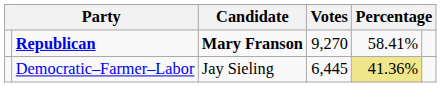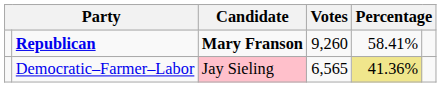 <table class="wikitable" style="text-align:right;">
 <tr style="background-color:#E9E9E9;text-align:center;">
 <th colspan=2>Party</th>
 <th>Candidate</th>
 <th>Votes</th>
 <th colspan=2>Percentage</th>
 </tr>
 <tr>
 <td style="background-color:"></td>
 <td style="text-align:left;"><strong><a href='#'>Republican</a></strong></td>
 <td style="text-align:left;"><strong>Mary Franson</strong></td>
-<td style="text-align:right;">9,270</td>
+<td style="text-align:right;">9,260</td>
 <td style="text-align:right;">58.41%</td>
 <td style="text-align:right;"><div><div> </div></div></td>
 </tr>
 <tr>
 <td style="background-color:"></td>
 <td style="text-align:left;"><a href='#'>Democratic–Farmer–Labor</a></td>
-<td style="text-align:left;">Jay Sieling</td>
-<td style="text-align:right;">6,445</td>
+<td style="background: pink; text-align:left;">Jay Sieling</td>
+<td style="text-align:right;">6,565</td>
 <td style="background: khaki; text-align:right;">41.36%</td>
 <td style="text-align:right;"><div><div> </div></div></td>
 </tr>
 </table>
